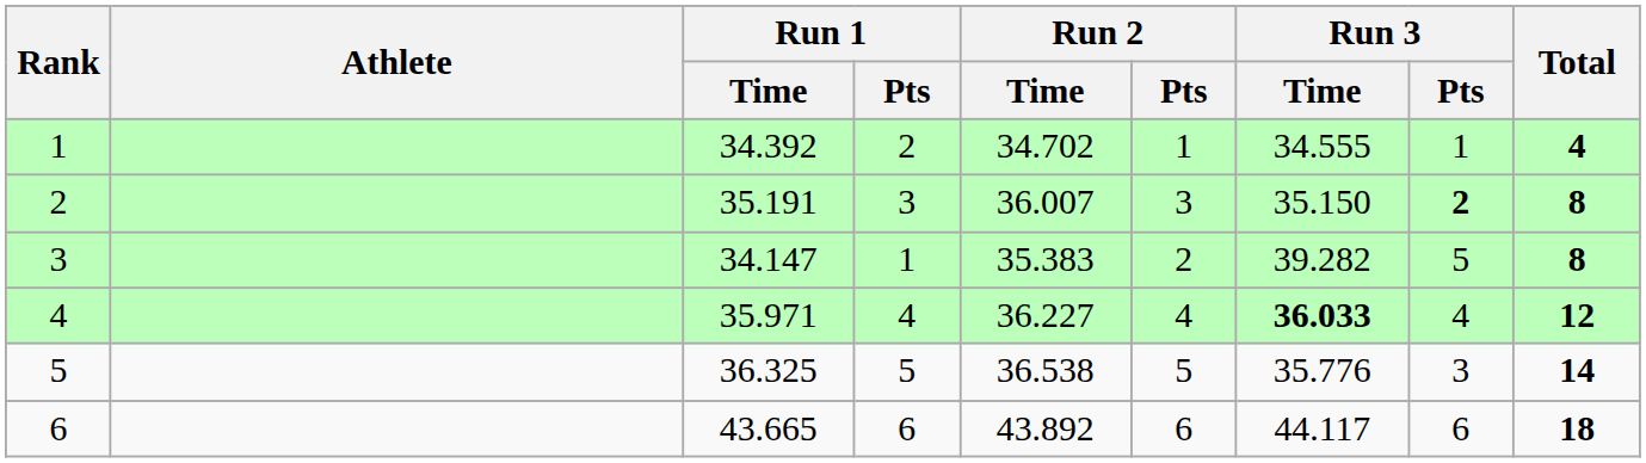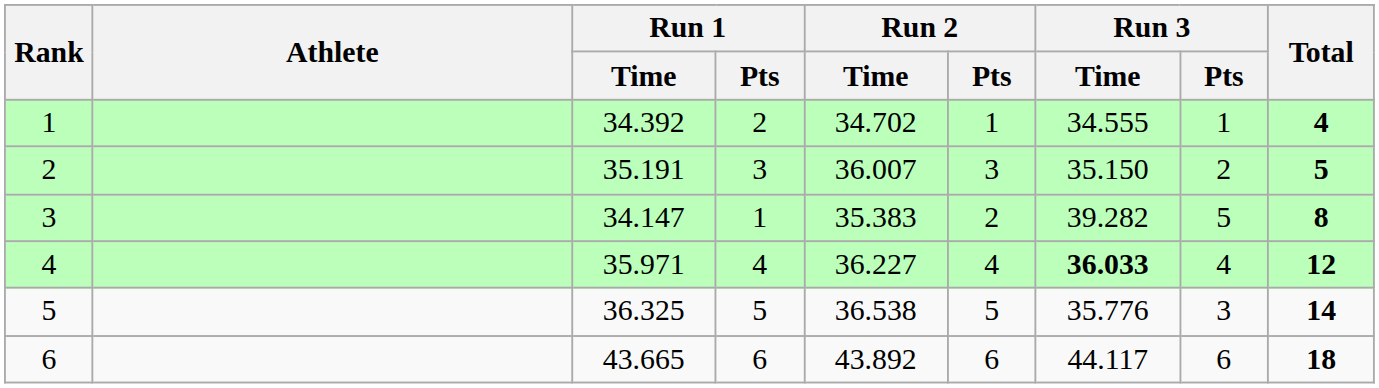 <table class=wikitable style="text-align:center">
 <tr>
 <th rowspan="2" width=40>Rank</th>
 <th rowspan="2" width=250>Athlete</th>
 <th colspan="2">Run 1</th>
 <th colspan="2">Run 2</th>
 <th colspan="2">Run 3</th>
 <th rowspan="2" width=50>Total</th>
 </tr>
 <tr>
 <th width=70>Time</th>
 <th width=40>Pts</th>
 <th width=70>Time</th>
 <th width=40>Pts</th>
 <th width=70>Time</th>
 <th width=40>Pts</th>
 </tr>
 <tr bgcolor=bbffbb>
 <td>1</td>
 <td align=left></td>
 <td>34.392</td>
 <td>2</td>
 <td>34.702</td>
 <td>1</td>
 <td>34.555</td>
 <td>1</td>
 <td><strong>4</strong></td>
 </tr>
 <tr bgcolor=bbffbb>
 <td>2</td>
 <td align=left></td>
 <td>35.191</td>
 <td>3</td>
 <td>36.007</td>
 <td>3</td>
 <td>35.150</td>
-<td><strong>2</strong></td>
-<td><strong>8</strong></td>
+<td>2</td>
+<td><strong>5</strong></td>
 </tr>
 <tr bgcolor=bbffbb>
 <td>3</td>
 <td align=left></td>
 <td>34.147</td>
 <td>1</td>
 <td>35.383</td>
 <td>2</td>
 <td>39.282</td>
 <td>5</td>
 <td><strong>8</strong></td>
 </tr>
 <tr bgcolor=bbffbb>
 <td>4</td>
 <td align=left></td>
 <td>35.971</td>
 <td>4</td>
 <td>36.227</td>
 <td>4</td>
 <td><strong>36.033</strong></td>
 <td>4</td>
 <td><strong>12</strong></td>
 </tr>
 <tr>
 <td>5</td>
 <td align=left></td>
 <td>36.325</td>
 <td>5</td>
 <td>36.538</td>
 <td>5</td>
 <td>35.776</td>
 <td>3</td>
 <td><strong>14</strong></td>
 </tr>
 <tr>
 <td>6</td>
 <td align=left></td>
 <td>43.665</td>
 <td>6</td>
 <td>43.892</td>
 <td>6</td>
 <td>44.117</td>
 <td>6</td>
 <td><strong>18</strong></td>
 </tr>
 </table>
